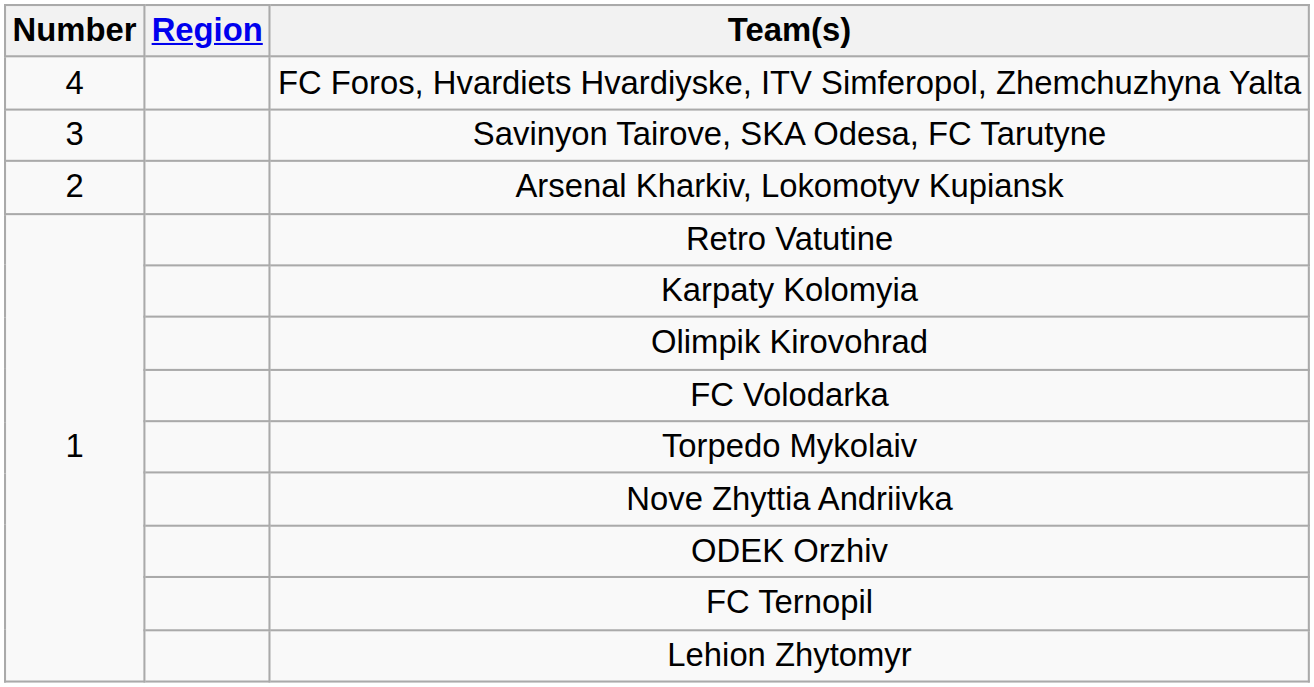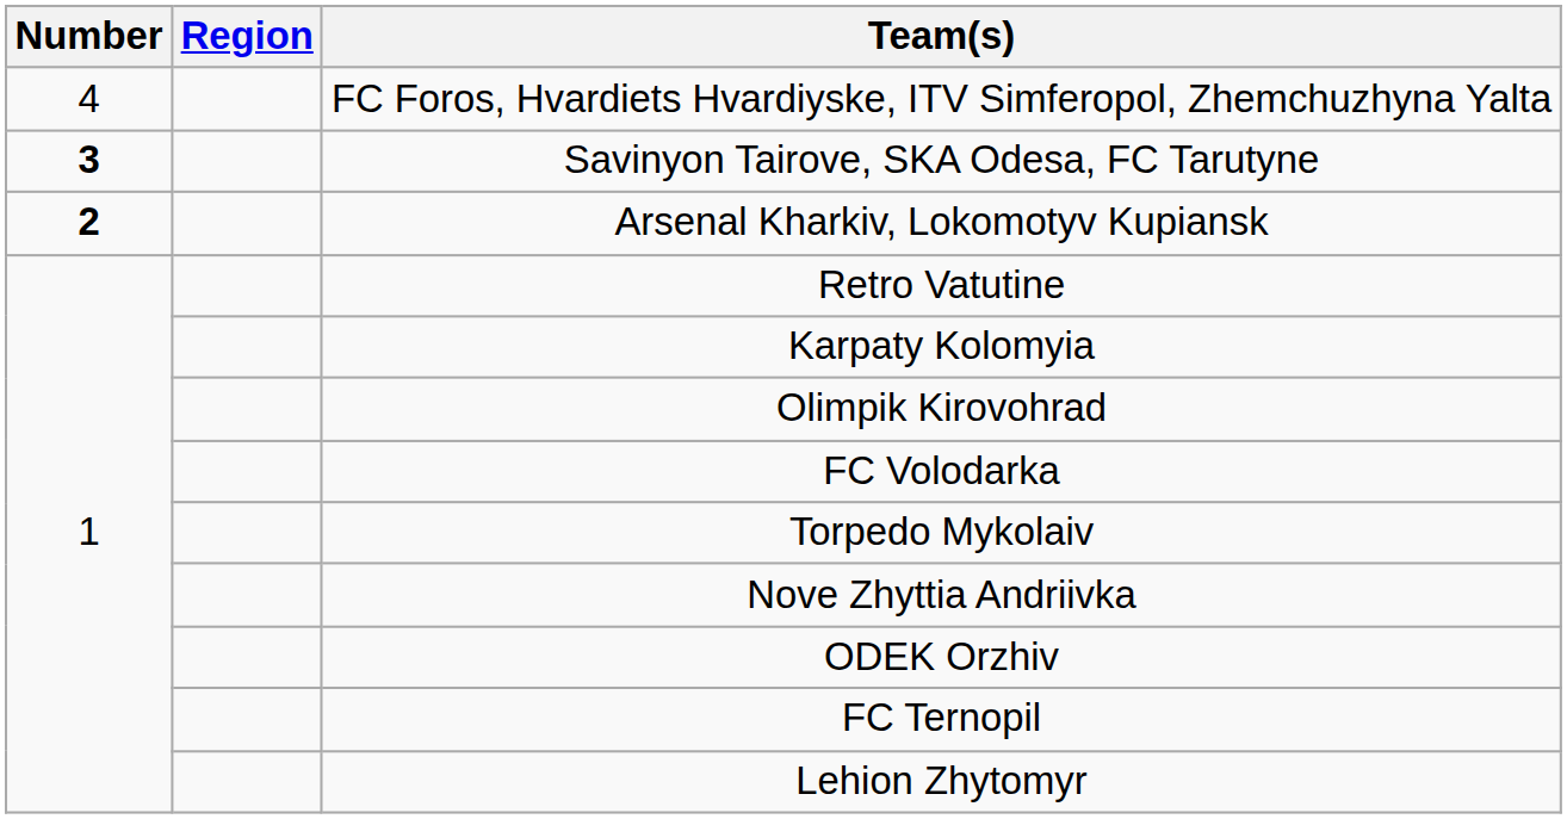 <table class="wikitable" style="text-align:center">
 <tr>
 <th>Number</th>
 <th><a href='#'>Region</a></th>
 <th>Team(s)</th>
 </tr>
 <tr>
 <td rowspan="1">4</td>
 <td align="left"></td>
 <td>FC Foros, Hvardiets Hvardiyske, ITV Simferopol, Zhemchuzhyna Yalta</td>
 </tr>
 <tr>
-<td rowspan="1">3</td>
+<td rowspan="1"><strong>3</strong></td>
 <td align="left"></td>
 <td>Savinyon Tairove, SKA Odesa, FC Tarutyne</td>
 </tr>
 <tr>
-<td rowspan="1">2</td>
+<td rowspan="1"><strong>2</strong></td>
 <td align="left"></td>
 <td>Arsenal Kharkiv, Lokomotyv Kupiansk</td>
 </tr>
 <tr>
 <td rowspan="16">1</td>
 <td align="left"></td>
 <td>Retro Vatutine</td>
 </tr>
 <tr>
 <td align="left"></td>
 <td>Karpaty Kolomyia</td>
 </tr>
 <tr>
 <td align="left"></td>
 <td>Olimpik Kirovohrad</td>
 </tr>
 <tr>
 <td align="left"></td>
 <td>FC Volodarka</td>
 </tr>
 <tr>
 <td align="left"></td>
 <td>Torpedo Mykolaiv</td>
 </tr>
 <tr>
 <td align="left"></td>
 <td>Nove Zhyttia Andriivka</td>
 </tr>
 <tr>
 <td align="left"></td>
 <td>ODEK Orzhiv</td>
 </tr>
 <tr>
 <td align="left"></td>
 <td>FC Ternopil</td>
 </tr>
 <tr>
 <td align="left"></td>
 <td>Lehion Zhytomyr</td>
 </tr>
 </table>
